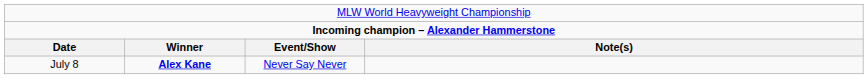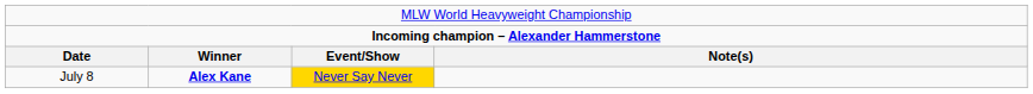 <table class="wikitable" style="text-align:center; width:100%;">
 <tr>
 <td colspan="5" style="text-align: center;"><a href='#'>MLW World Heavyweight Championship</a></td>
 </tr>
 <tr>
 <td colspan="5" style="text-align: center;"><strong>Incoming champion – <a href='#'>Alexander Hammerstone</a></strong></td>
 </tr>
 <tr>
 <th width=14%>Date</th>
 <th width=14%>Winner</th>
 <th width=14%>Event/Show</th>
 <th width=58%>Note(s)</th>
 </tr>
 <tr>
 <td>July 8</td>
 <td><strong><a href='#'>Alex Kane</a></strong></td>
-<td><a href='#'>Never Say Never</a></td>
+<td style="background: gold;"><a href='#'>Never Say Never</a></td>
 <td></td>
 </tr>
 </table>
